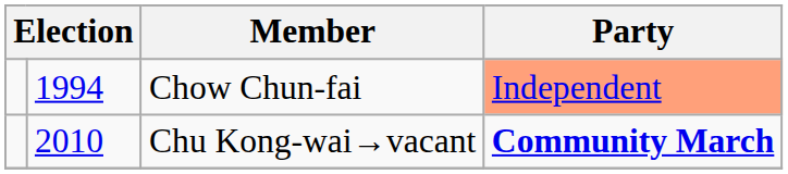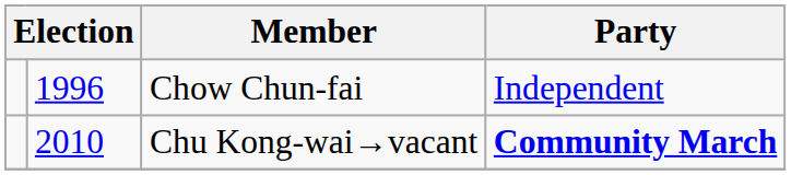 <table class="wikitable">
 <tr>
 <th colspan="2">Election</th>
 <th>Member</th>
 <th>Party</th>
 </tr>
 <tr>
 <td style="background-color:"></td>
-<td><a href='#'>1994</a></td>
+<td><a href='#'>1996</a></td>
 <td>Chow Chun-fai</td>
-<td style="background: lightsalmon;"><a href='#'>Independent</a></td>
+<td><a href='#'>Independent</a></td>
 </tr>
 <tr>
 <td style="background-color:"></td>
 <td><a href='#'>2010</a></td>
 <td>Chu Kong-wai→vacant</td>
 <td><strong><a href='#'>Community March</a></strong></td>
 </tr>
 <tr>
 </tr>
 </table>
